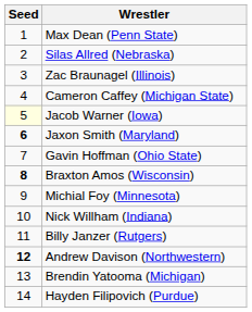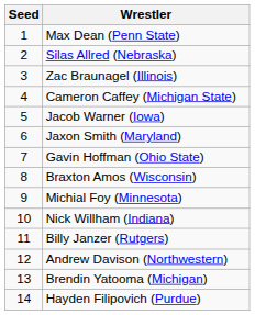 <table class="wikitable" style="text-align: center;">
 <tr>
 <th width="40">Seed</th>
 <th width="250">Wrestler</th>
 </tr>
 <tr>
 <td>1</td>
 <td align="left">Max Dean (<a href='#'>Penn State</a>)</td>
 </tr>
 <tr>
 <td>2</td>
 <td align="left"><a href='#'>Silas Allred</a> (<a href='#'>Nebraska</a>)</td>
 </tr>
 <tr>
 <td>3</td>
 <td align="left">Zac Braunagel (<a href='#'>Illinois</a>)</td>
 </tr>
 <tr>
 <td>4</td>
 <td align="left">Cameron Caffey (<a href='#'>Michigan State</a>)</td>
 </tr>
 <tr>
-<td style="background: lightyellow;">5</td>
+<td>5</td>
 <td align="left">Jacob Warner (<a href='#'>Iowa</a>)</td>
 </tr>
 <tr>
-<td><strong>6</strong></td>
+<td>6</td>
 <td align="left">Jaxon Smith (<a href='#'>Maryland</a>)</td>
 </tr>
 <tr>
 <td>7</td>
 <td align="left">Gavin Hoffman (<a href='#'>Ohio State</a>)</td>
 </tr>
 <tr>
-<td><strong>8</strong></td>
+<td>8</td>
 <td align="left">Braxton Amos (<a href='#'>Wisconsin</a>)</td>
 </tr>
 <tr>
 <td>9</td>
 <td align="left">Michial Foy (<a href='#'>Minnesota</a>)</td>
 </tr>
 <tr>
 <td>10</td>
 <td align="left">Nick Willham (<a href='#'>Indiana</a>)</td>
 </tr>
 <tr>
 <td>11</td>
 <td align="left">Billy Janzer (<a href='#'>Rutgers</a>)</td>
 </tr>
 <tr>
-<td><strong>12</strong></td>
+<td>12</td>
 <td align="left">Andrew Davison (<a href='#'>Northwestern</a>)</td>
 </tr>
 <tr>
 <td>13</td>
 <td align="left">Brendin Yatooma (<a href='#'>Michigan</a>)</td>
 </tr>
 <tr>
 <td>14</td>
 <td align="left">Hayden Filipovich (<a href='#'>Purdue</a>)</td>
 </tr>
 </table>
